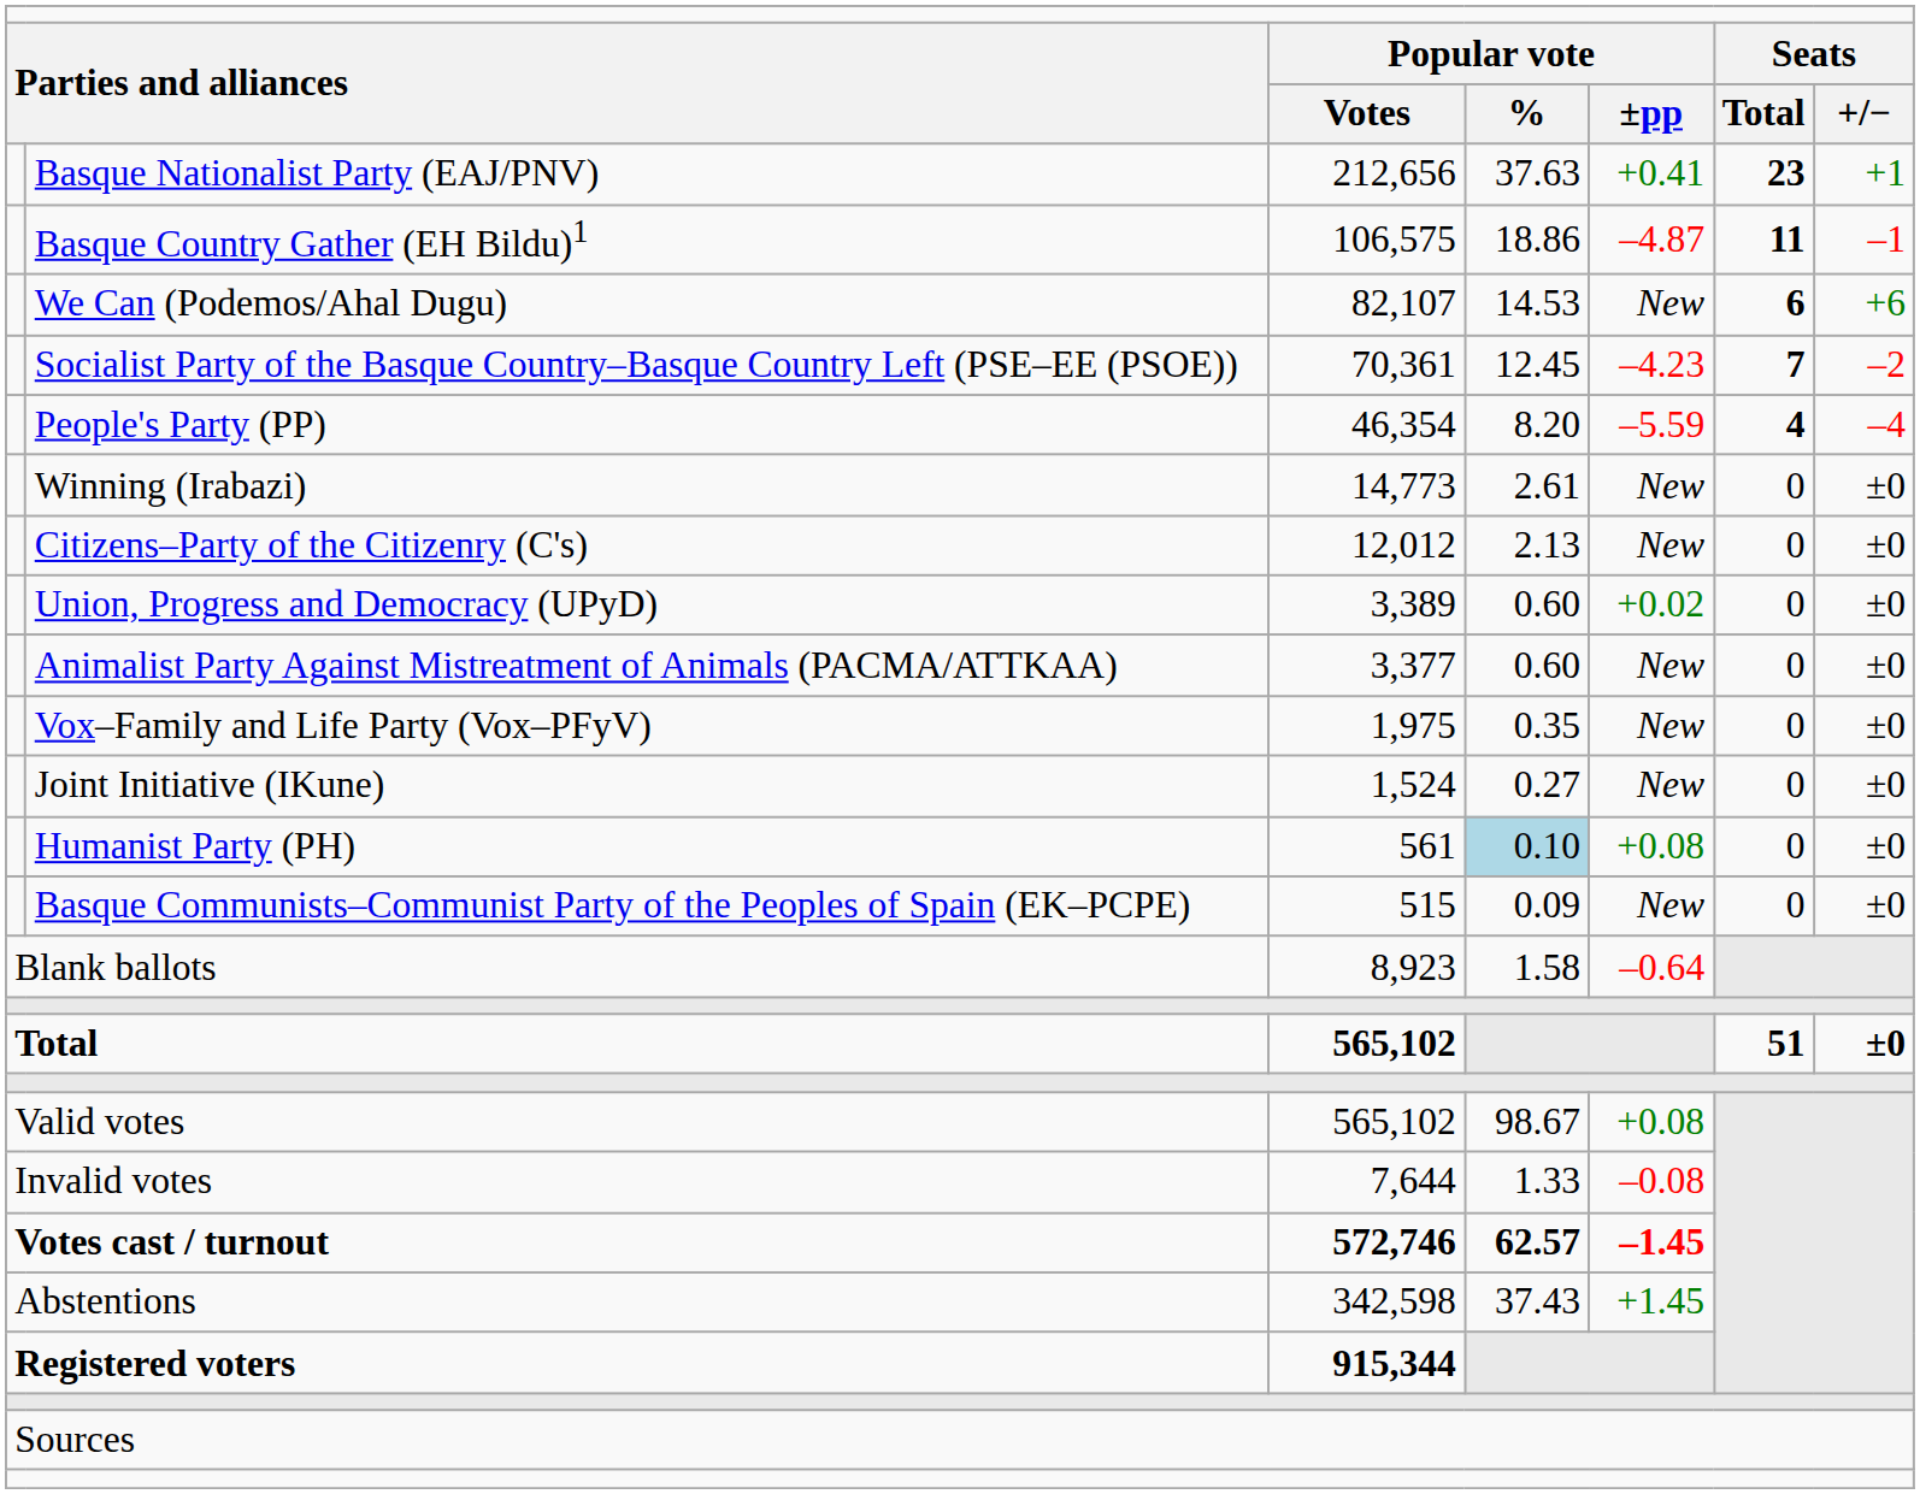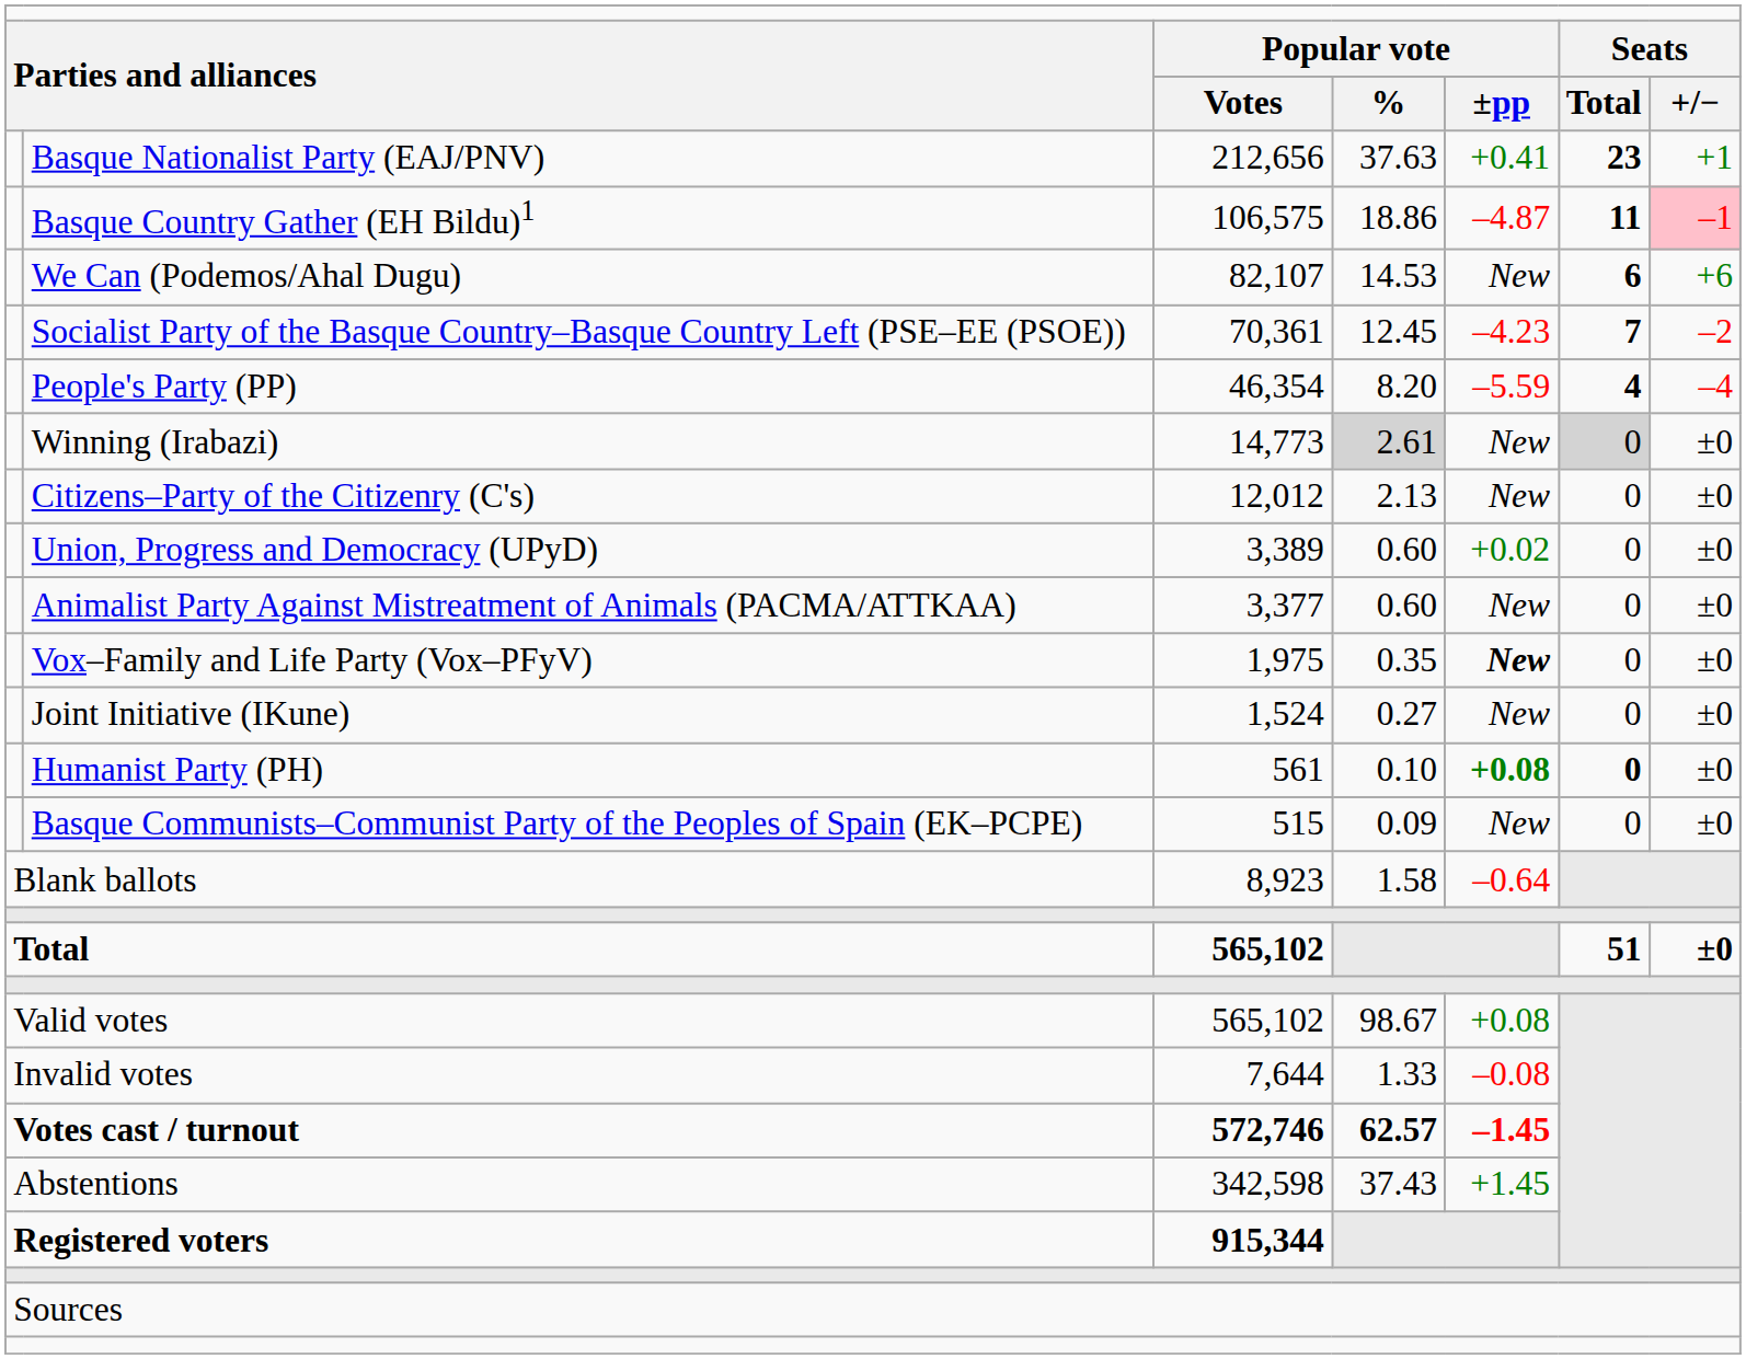 <table class="wikitable" style="text-align:right;">
 <tr>
 <td colspan="7"></td>
 </tr>
 <tr>
 <th style="text-align:left;" rowspan="2" colspan="2" width="525">Parties and alliances</th>
 <th colspan="3">Popular vote</th>
 <th colspan="2">Seats</th>
 </tr>
 <tr>
 <th width="75">Votes</th>
 <th width="45">%</th>
 <th width="45">±<a href='#'>pp</a></th>
 <th width="35">Total</th>
 <th width="35">+/−</th>
 </tr>
 <tr>
 <td width="1" style="color:inherit;background:"></td>
 <td align="left"><a href='#'>Basque Nationalist Party</a> (EAJ/PNV)</td>
 <td>212,656</td>
 <td>37.63</td>
 <td style="color:green;">+0.41</td>
 <td><strong>23</strong></td>
 <td style="color:green;">+1</td>
 </tr>
 <tr>
 <td style="color:inherit;background:"></td>
 <td align="left"><a href='#'>Basque Country Gather</a> (EH Bildu)<sup>1</sup></td>
 <td>106,575</td>
 <td>18.86</td>
 <td style="color:red;">–4.87</td>
 <td><strong>11</strong></td>
-<td style="color:red;">–1</td>
+<td style="background: pink; color:red;">–1</td>
 </tr>
 <tr>
 <td style="color:inherit;background:"></td>
 <td align="left"><a href='#'>We Can</a> (Podemos/Ahal Dugu)</td>
 <td>82,107</td>
 <td>14.53</td>
 <td><em>New</em></td>
 <td><strong>6</strong></td>
 <td style="color:green;">+6</td>
 </tr>
 <tr>
 <td style="color:inherit;background:"></td>
 <td align="left"><a href='#'>Socialist Party of the Basque Country–Basque Country Left</a> (PSE–EE (PSOE))</td>
 <td>70,361</td>
 <td>12.45</td>
 <td style="color:red;">–4.23</td>
 <td><strong>7</strong></td>
 <td style="color:red;">–2</td>
 </tr>
 <tr>
 <td style="color:inherit;background:"></td>
 <td align="left"><a href='#'>People's Party</a> (PP)</td>
 <td>46,354</td>
 <td>8.20</td>
 <td style="color:red;">–5.59</td>
 <td><strong>4</strong></td>
 <td style="color:red;">–4</td>
 </tr>
 <tr>
 <td style="color:inherit;background:"></td>
 <td align="left">Winning (Irabazi)</td>
 <td>14,773</td>
-<td>2.61</td>
+<td style="background: lightgrey;">2.61</td>
 <td><em>New</em></td>
-<td>0</td>
+<td style="background: lightgrey;">0</td>
 <td>±0</td>
 </tr>
 <tr>
 <td style="color:inherit;background:"></td>
 <td align="left"><a href='#'>Citizens–Party of the Citizenry</a> (C's)</td>
 <td>12,012</td>
 <td>2.13</td>
 <td><em>New</em></td>
 <td>0</td>
 <td>±0</td>
 </tr>
 <tr>
 <td style="color:inherit;background:"></td>
 <td align="left"><a href='#'>Union, Progress and Democracy</a> (UPyD)</td>
 <td>3,389</td>
 <td>0.60</td>
 <td style="color:green;">+0.02</td>
 <td>0</td>
 <td>±0</td>
 </tr>
 <tr>
 <td style="color:inherit;background:"></td>
 <td align="left"><a href='#'>Animalist Party Against Mistreatment of Animals</a> (PACMA/ATTKAA)</td>
 <td>3,377</td>
 <td>0.60</td>
 <td><em>New</em></td>
 <td>0</td>
 <td>±0</td>
 </tr>
 <tr>
 <td style="color:inherit;background:"></td>
 <td align="left"><a href='#'>Vox</a>–Family and Life Party (Vox–PFyV)</td>
 <td>1,975</td>
 <td>0.35</td>
-<td><em>New</em></td>
+<td><strong><em>New</em></strong></td>
 <td>0</td>
 <td>±0</td>
 </tr>
 <tr>
 <td style="color:inherit;background:"></td>
 <td align="left">Joint Initiative (IKune)</td>
 <td>1,524</td>
 <td>0.27</td>
 <td><em>New</em></td>
 <td>0</td>
 <td>±0</td>
 </tr>
 <tr>
 <td style="color:inherit;background:"></td>
 <td align="left"><a href='#'>Humanist Party</a> (PH)</td>
 <td>561</td>
-<td style="background: lightblue;">0.10</td>
-<td style="color:green;">+0.08</td>
-<td>0</td>
+<td>0.10</td>
+<td style="color:green;"><strong>+0.08</strong></td>
+<td><strong>0</strong></td>
 <td>±0</td>
 </tr>
 <tr>
 <td style="color:inherit;background:"></td>
 <td align="left"><a href='#'>Basque Communists–Communist Party of the Peoples of Spain</a> (EK–PCPE)</td>
 <td>515</td>
 <td>0.09</td>
 <td><em>New</em></td>
 <td>0</td>
 <td>±0</td>
 </tr>
 <tr>
 <td align="left" colspan="2">Blank ballots</td>
 <td>8,923</td>
 <td>1.58</td>
 <td style="color:red;">–0.64</td>
 <td bgcolor="#E9E9E9" colspan="2"></td>
 </tr>
 <tr>
 <td colspan="7" bgcolor="#E9E9E9"></td>
 </tr>
 <tr style="font-weight:bold;">
 <td align="left" colspan="2">Total</td>
 <td>565,102</td>
 <td bgcolor="#E9E9E9" colspan="2"></td>
 <td>51</td>
 <td>±0</td>
 </tr>
 <tr>
 <td colspan="7" bgcolor="#E9E9E9"></td>
 </tr>
 <tr>
 <td align="left" colspan="2">Valid votes</td>
 <td>565,102</td>
 <td>98.67</td>
 <td style="color:green;">+0.08</td>
 <td bgcolor="#E9E9E9" colspan="2" rowspan="5"></td>
 </tr>
 <tr>
 <td align="left" colspan="2">Invalid votes</td>
 <td>7,644</td>
 <td>1.33</td>
 <td style="color:red;">–0.08</td>
 </tr>
 <tr style="font-weight:bold;">
 <td align="left" colspan="2">Votes cast / turnout</td>
 <td>572,746</td>
 <td>62.57</td>
 <td style="color:red;">–1.45</td>
 </tr>
 <tr>
 <td align="left" colspan="2">Abstentions</td>
 <td>342,598</td>
 <td>37.43</td>
 <td style="color:green;">+1.45</td>
 </tr>
 <tr style="font-weight:bold;">
 <td align="left" colspan="2">Registered voters</td>
 <td>915,344</td>
 <td bgcolor="#E9E9E9" colspan="2"></td>
 </tr>
 <tr>
 <td colspan="7" bgcolor="#E9E9E9"></td>
 </tr>
 <tr>
 <td align="left" colspan="7">Sources</td>
 </tr>
 <tr>
 <td colspan="7" style="text-align:left; max-width:790px;"></td>
 </tr>
 </table>
